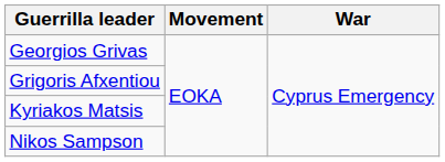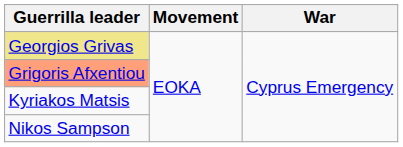 <table class="wikitable">
 <tr>
 <th>Guerrilla leader</th>
 <th>Movement</th>
 <th>War</th>
 </tr>
 <tr>
-<td><a href='#'>Georgios Grivas</a></td>
+<td style="background: khaki;"><a href='#'>Georgios Grivas</a></td>
 <td rowspan="4"><a href='#'>EOKA</a></td>
 <td rowspan="4"><a href='#'>Cyprus Emergency</a></td>
 </tr>
 <tr>
-<td><a href='#'>Grigoris Afxentiou</a></td>
+<td style="background: lightsalmon;"><a href='#'>Grigoris Afxentiou</a></td>
 </tr>
 <tr>
 <td><a href='#'>Kyriakos Matsis</a></td>
 </tr>
 <tr>
 <td><a href='#'>Nikos Sampson</a></td>
 </tr>
 </table>
